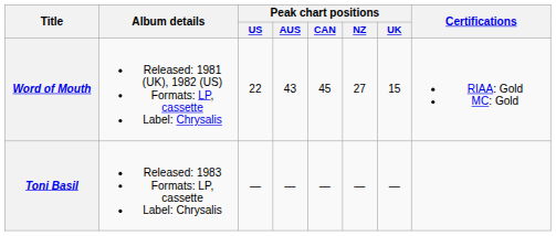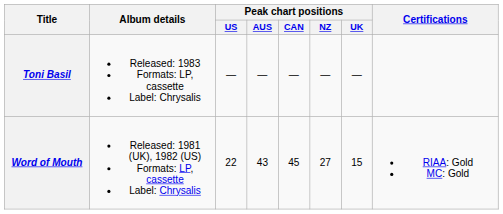 <table class="wikitable plainrowheaders" style="text-align:center;">
 <tr>
 <th scope="col" rowspan="2" style="width:8em;">Title</th>
 <th scope="col" rowspan="2" style="width:12em;">Album details</th>
 <th scope="col" colspan="5">Peak chart positions</th>
 <th scope="col" rowspan="2" style="width:12em;"><a href='#'>Certifications</a></th>
 </tr>
 <tr>
 <th scope="col" style="width:3em;font-size:90%;"><a href='#'>US</a><br></th>
 <th scope="col" style="width:3em;font-size:90%;"><a href='#'>AUS</a><br></th>
 <th scope="col" style="width:3em;font-size:90%;"><a href='#'>CAN</a><br></th>
 <th scope="col" style="width:3em;font-size:90%;"><a href='#'>NZ</a><br></th>
 <th scope="col" style="width:3em;font-size:90%;"><a href='#'>UK</a><br></th>
 </tr>
 <tr>
+<th scope="row"><em><a href='#'>Toni Basil</a></em></th>
+<td><br><ul><li>Released: 1983</li><li>Formats: LP, cassette</li><li>Label: Chrysalis</li></ul></td>
+<td>—</td>
+<td>—</td>
+<td>—</td>
+<td>—</td>
+<td>—</td>
+<td></td>
+</tr>
+<tr>
 <th scope="row"><em><a href='#'>Word of Mouth</a></em></th>
 <td><br><ul><li>Released: 1981 (UK), 1982 (US)</li><li>Formats: <a href='#'>LP</a>, <a href='#'>cassette</a></li><li>Label: <a href='#'>Chrysalis</a></li></ul></td>
 <td>22</td>
 <td>43</td>
 <td>45</td>
 <td>27</td>
 <td>15</td>
 <td><br><ul><li><a href='#'>RIAA</a>: Gold</li><li><a href='#'>MC</a>: Gold</li></ul></td>
 </tr>
-<tr>
-<th scope="row"><em><a href='#'>Toni Basil</a></em></th>
-<td><br><ul><li>Released: 1983</li><li>Formats: LP, cassette</li><li>Label: Chrysalis</li></ul></td>
-<td>—</td>
-<td>—</td>
-<td>—</td>
-<td>—</td>
-<td>—</td>
-<td></td>
-</tr>
 </table>
